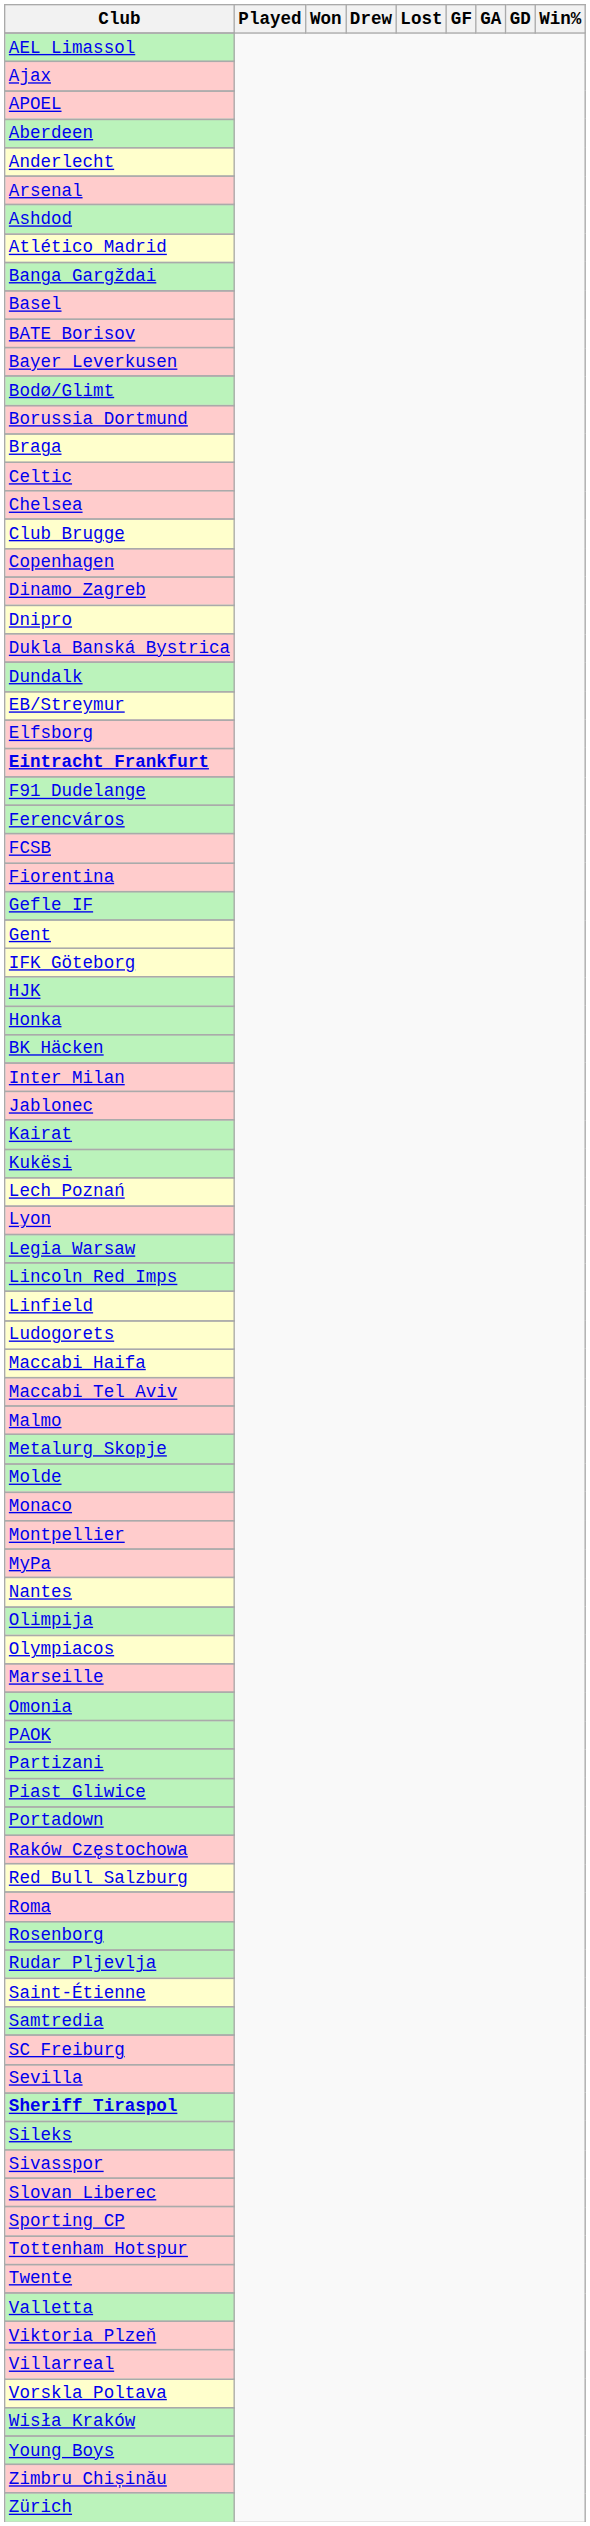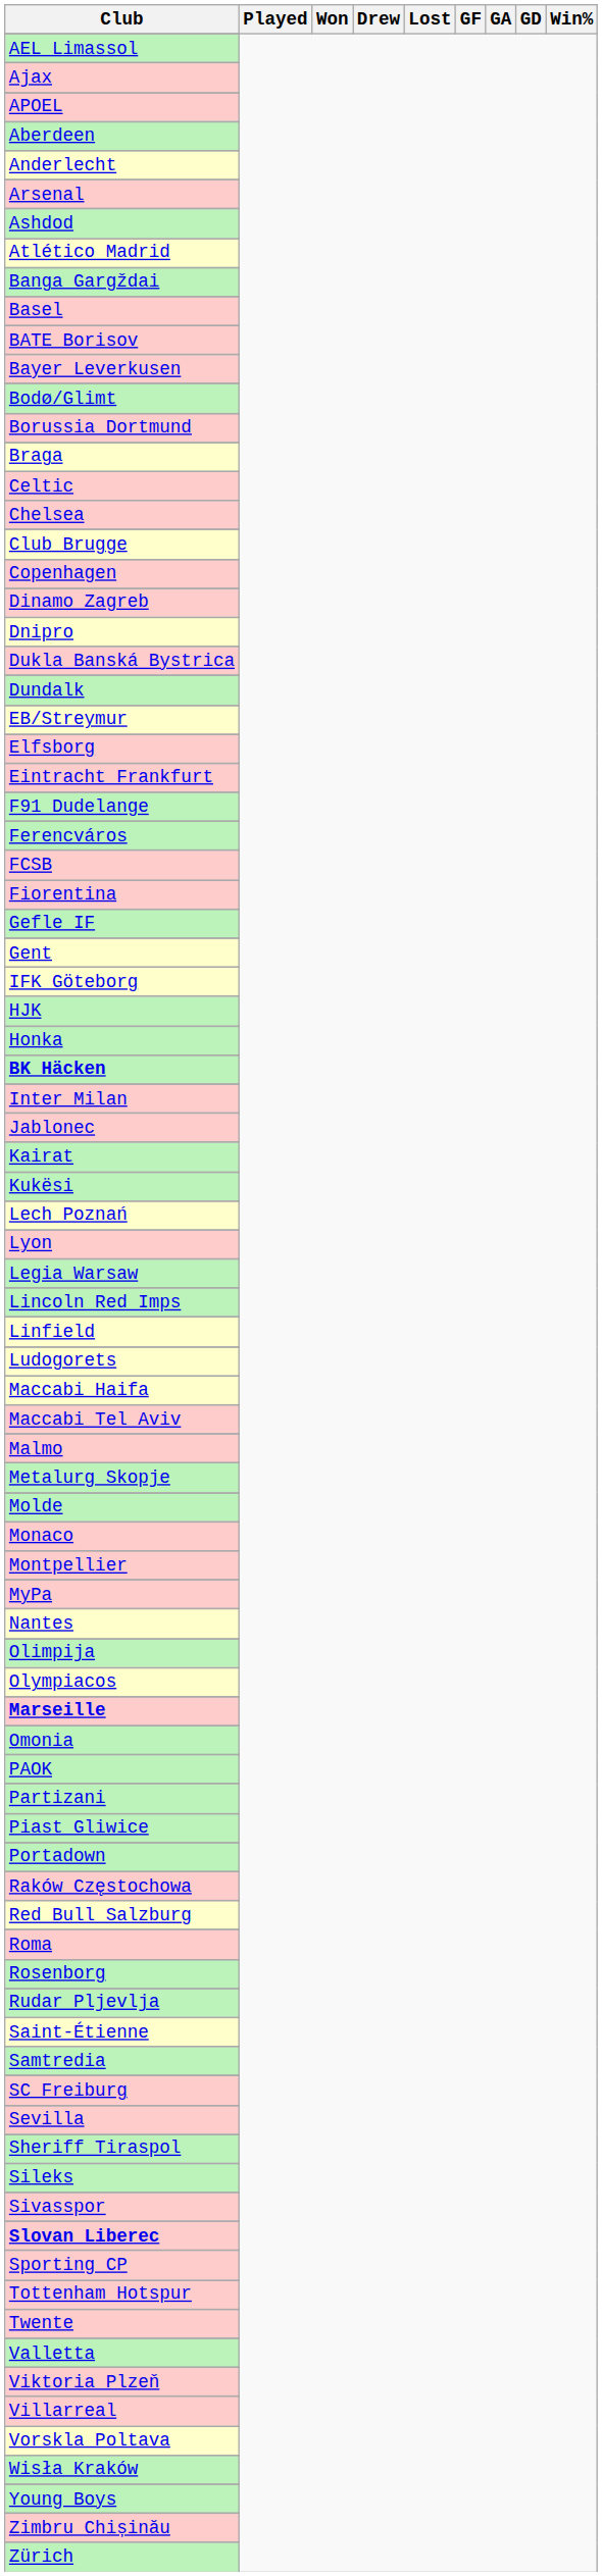 <table class="wikitable sortable" style="text-align: left;">
 <tr>
 <th>Club</th>
 <th>Played</th>
 <th>Won</th>
 <th>Drew</th>
 <th>Lost</th>
 <th>GF</th>
 <th>GA</th>
 <th>GD</th>
 <th>Win%</th>
 </tr>
 <tr>
 </tr>
 <tr bgcolor= "#bbf3bb">
 <td style=align=left> <a href='#'>AEL Limassol</a><br></td>
 </tr>
 <tr>
 </tr>
 <tr bgcolor= "#ffcccc">
 <td style=align=left> <a href='#'>Ajax</a><br></td>
 </tr>
 <tr>
 </tr>
 <tr bgcolor= "#ffcccc">
 <td style=align=left> <a href='#'>APOEL</a><br></td>
 </tr>
 <tr>
 </tr>
 <tr bgcolor= "#bbf3bb">
 <td style=align=left> <a href='#'>Aberdeen</a><br></td>
 </tr>
 <tr>
 </tr>
 <tr bgcolor= "#ffffcc">
 <td style=align=left> <a href='#'>Anderlecht</a><br></td>
 </tr>
 <tr>
 </tr>
 <tr bgcolor= "#ffcccc">
 <td style=align=left> <a href='#'>Arsenal</a><br></td>
 </tr>
 <tr>
 </tr>
 <tr bgcolor= "#bbf3bb">
 <td style=align=left> <a href='#'>Ashdod</a><br></td>
 </tr>
 <tr>
 </tr>
 <tr bgcolor= "#ffffcc">
 <td style=align=left> <a href='#'>Atlético Madrid</a><br></td>
 </tr>
 <tr>
 </tr>
 <tr bgcolor= "#bbf3bb">
 <td style=align=left> <a href='#'>Banga Gargždai</a><br></td>
 </tr>
 <tr>
 </tr>
 <tr bgcolor= "#ffcccc">
 <td style=align=left> <a href='#'>Basel</a><br></td>
 </tr>
 <tr>
 </tr>
 <tr bgcolor= "#ffcccc">
 <td style=align=left> <a href='#'>BATE Borisov</a><br></td>
 </tr>
 <tr>
 </tr>
 <tr bgcolor= "#ffcccc">
 <td style=align=left> <a href='#'>Bayer Leverkusen</a><br></td>
 </tr>
 <tr>
 </tr>
 <tr bgcolor= "#bbf3bb">
 <td style=align=left> <a href='#'>Bodø/Glimt</a><br></td>
 </tr>
 <tr>
 </tr>
 <tr bgcolor= "#ffcccc">
 <td style=align=left> <a href='#'>Borussia Dortmund</a><br></td>
 </tr>
 <tr>
 </tr>
 <tr bgcolor= "#ffffcc">
 <td style=align=left> <a href='#'>Braga</a><br></td>
 </tr>
 <tr>
 </tr>
 <tr bgcolor= "#ffcccc">
 <td style=align=left> <a href='#'>Celtic</a><br></td>
 </tr>
 <tr>
 </tr>
 <tr bgcolor= "#ffcccc">
 <td style=align=left> <a href='#'>Chelsea</a><br></td>
 </tr>
 <tr>
 </tr>
 <tr bgcolor= "#ffffcc">
 <td style=align=left> <a href='#'>Club Brugge</a><br></td>
 </tr>
 <tr>
 </tr>
 <tr bgcolor= "#ffcccc">
 <td style=align=left> <a href='#'>Copenhagen</a><br></td>
 </tr>
 <tr>
 </tr>
 <tr bgcolor= "#ffcccc">
 <td style=align=left> <a href='#'>Dinamo Zagreb</a><br></td>
 </tr>
 <tr>
 </tr>
 <tr bgcolor= "#ffffcc">
 <td style=align=left> <a href='#'>Dnipro</a><br></td>
 </tr>
 <tr>
 </tr>
 <tr bgcolor= "#ffcccc">
 <td style=align=left> <a href='#'>Dukla Banská Bystrica</a><br></td>
 </tr>
 <tr>
 </tr>
 <tr bgcolor= "#bbf3bb">
 <td style=align=left> <a href='#'>Dundalk</a><br></td>
 </tr>
 <tr>
 </tr>
 <tr bgcolor= "#ffffcc">
 <td style=align=left> <a href='#'>EB/Streymur</a><br></td>
 </tr>
 <tr>
 </tr>
 <tr bgcolor= "#ffcccc">
 <td style=align=left> <a href='#'>Elfsborg</a><br></td>
 </tr>
 <tr>
 </tr>
 <tr bgcolor= "#ffcccc">
-<td style=align=left><strong> <a href='#'>Eintracht Frankfurt</a><br></strong></td>
+<td style=align=left> <a href='#'>Eintracht Frankfurt</a><br></td>
 </tr>
 <tr>
 </tr>
 <tr bgcolor= "#bbf3bb">
 <td style=align=left> <a href='#'>F91 Dudelange</a><br></td>
 </tr>
 <tr>
 </tr>
 <tr bgcolor= "#bbf3bb">
 <td style=align=left> <a href='#'>Ferencváros</a><br></td>
 </tr>
 <tr>
 </tr>
 <tr bgcolor= "#ffcccc">
 <td style=align=left> <a href='#'>FCSB</a><br></td>
 </tr>
 <tr>
 </tr>
 <tr bgcolor= "#ffcccc">
 <td style=align=left> <a href='#'>Fiorentina</a><br></td>
 </tr>
 <tr>
 </tr>
 <tr bgcolor= "#bbf3bb">
 <td style=align=left> <a href='#'>Gefle IF</a><br></td>
 </tr>
 <tr>
 </tr>
 <tr bgcolor= "#ffffcc">
 <td style=align=left> <a href='#'>Gent</a><br></td>
 </tr>
 <tr>
 </tr>
 <tr bgcolor= "#ffffcc">
 <td style=align=left> <a href='#'>IFK Göteborg</a><br></td>
 </tr>
 <tr>
 </tr>
 <tr bgcolor= "#bbf3bb">
 <td style=align=left> <a href='#'>HJK</a><br></td>
 </tr>
 <tr>
 </tr>
 <tr bgcolor= "#bbf3bb">
 <td style=align=left> <a href='#'>Honka</a><br></td>
 </tr>
 <tr>
 </tr>
 <tr bgcolor= "#bbf3bb">
-<td style=align=left> <a href='#'>BK Häcken</a><br></td>
+<td style=align=left><strong> <a href='#'>BK Häcken</a><br></strong></td>
 </tr>
 <tr>
 </tr>
 <tr bgcolor= "#ffcccc">
 <td style=align=left> <a href='#'>Inter Milan</a><br></td>
 </tr>
 <tr>
 </tr>
 <tr bgcolor= "#ffcccc">
 <td style=align=left> <a href='#'>Jablonec</a><br></td>
 </tr>
 <tr>
 </tr>
 <tr bgcolor= "#bbf3bb">
 <td style=align=left> <a href='#'>Kairat</a><br></td>
 </tr>
 <tr>
 </tr>
 <tr bgcolor= "#bbf3bb">
 <td style=align=left> <a href='#'>Kukësi</a><br></td>
 </tr>
 <tr>
 </tr>
 <tr bgcolor= "#ffffcc">
 <td style=align=left> <a href='#'>Lech Poznań</a><br></td>
 </tr>
 <tr>
 </tr>
 <tr bgcolor= "#ffcccc">
 <td style=align=left> <a href='#'>Lyon</a><br></td>
 </tr>
 <tr>
 </tr>
 <tr bgcolor= "#bbf3bb">
 <td style=align=left> <a href='#'>Legia Warsaw</a><br></td>
 </tr>
 <tr>
 </tr>
 <tr bgcolor= "#bbf3bb">
 <td style=align=left> <a href='#'>Lincoln Red Imps</a><br></td>
 </tr>
 <tr>
 </tr>
 <tr bgcolor= "#ffffcc">
 <td style=align=left> <a href='#'>Linfield</a><br></td>
 </tr>
 <tr>
 </tr>
 <tr bgcolor= "#ffffcc">
 <td style=align=left> <a href='#'>Ludogorets</a><br></td>
 </tr>
 <tr>
 </tr>
 <tr bgcolor= "#ffffcc">
 <td style=align=left> <a href='#'>Maccabi Haifa</a><br></td>
 </tr>
 <tr>
 </tr>
 <tr bgcolor= "#ffcccc">
 <td style=align=left> <a href='#'>Maccabi Tel Aviv</a><br></td>
 </tr>
 <tr>
 </tr>
 <tr bgcolor= "#ffcccc">
 <td style=align=left> <a href='#'>Malmo</a><br></td>
 </tr>
 <tr>
 </tr>
 <tr bgcolor= "#bbf3bb">
 <td style=align=left> <a href='#'>Metalurg Skopje</a><br></td>
 </tr>
 <tr>
 </tr>
 <tr bgcolor= "#bbf3bb">
 <td style=align=left> <a href='#'>Molde</a><br></td>
 </tr>
 <tr>
 </tr>
 <tr bgcolor= "#ffcccc">
 <td style=align=left> <a href='#'>Monaco</a><br></td>
 </tr>
 <tr>
 </tr>
 <tr bgcolor= "#ffcccc">
 <td style=align=left> <a href='#'>Montpellier</a><br></td>
 </tr>
 <tr>
 </tr>
 <tr bgcolor= "#ffcccc">
 <td style=align=left> <a href='#'>MyPa</a><br></td>
 </tr>
 <tr>
 </tr>
 <tr bgcolor= "#ffffcc">
 <td style=align=left> <a href='#'>Nantes</a><br></td>
 </tr>
 <tr>
 </tr>
 <tr bgcolor= "#bbf3bb">
 <td style=align=left> <a href='#'>Olimpija</a><br></td>
 </tr>
 <tr>
 </tr>
 <tr bgcolor= "#ffffcc">
 <td style=align=left> <a href='#'>Olympiacos</a><br></td>
 </tr>
 <tr>
 </tr>
 <tr bgcolor= "#ffcccc">
-<td style=align=left> <a href='#'>Marseille</a><br></td>
+<td style=align=left><strong> <a href='#'>Marseille</a><br></strong></td>
 </tr>
 <tr>
 </tr>
 <tr bgcolor= "#bbf3bb">
 <td style=align=left> <a href='#'>Omonia</a><br></td>
 </tr>
 <tr>
 </tr>
 <tr bgcolor= "#bbf3bb">
 <td style=align=left> <a href='#'>PAOK</a><br></td>
 </tr>
 <tr>
 </tr>
 <tr bgcolor= "#bbf3bb">
 <td style=align=left> <a href='#'>Partizani</a><br></td>
 </tr>
 <tr>
 </tr>
 <tr bgcolor= "#bbf3bb">
 <td style=align=left> <a href='#'>Piast Gliwice</a><br></td>
 </tr>
 <tr>
 </tr>
 <tr bgcolor= "#bbf3bb">
 <td style=align=left> <a href='#'>Portadown</a><br></td>
 </tr>
 <tr>
 </tr>
 <tr bgcolor= "#ffcccc">
 <td style=align=left> <a href='#'>Raków Częstochowa</a><br></td>
 </tr>
 <tr>
 </tr>
 <tr bgcolor= "#ffffcc">
 <td style=align=left> <a href='#'>Red Bull Salzburg</a><br></td>
 </tr>
 <tr>
 </tr>
 <tr bgcolor= "#ffcccc">
 <td style=align=left> <a href='#'>Roma</a><br></td>
 </tr>
 <tr>
 </tr>
 <tr bgcolor= "#bbf3bb">
 <td style=align=left> <a href='#'>Rosenborg</a><br></td>
 </tr>
 <tr>
 </tr>
 <tr bgcolor= "#bbf3bb">
 <td style=align=left> <a href='#'>Rudar Pljevlja</a><br></td>
 </tr>
 <tr>
 </tr>
 <tr bgcolor= "#ffffcc">
 <td style=align=left> <a href='#'>Saint-Étienne</a><br></td>
 </tr>
 <tr>
 </tr>
 <tr bgcolor= "#bbf3bb">
 <td style=align=left> <a href='#'>Samtredia</a><br></td>
 </tr>
 <tr>
 </tr>
 <tr bgcolor= "#ffcccc">
 <td style=align=left> <a href='#'>SC Freiburg</a><br></td>
 </tr>
 <tr>
 </tr>
 <tr bgcolor= "#ffcccc">
 <td style=align=left> <a href='#'>Sevilla</a><br></td>
 </tr>
 <tr>
 </tr>
 <tr bgcolor= "#bbf3bb">
-<td style=align=left><strong> <a href='#'>Sheriff Tiraspol</a><br></strong></td>
+<td style=align=left> <a href='#'>Sheriff Tiraspol</a><br></td>
 </tr>
 <tr>
 </tr>
 <tr bgcolor= "#bbf3bb">
 <td style=align=left> <a href='#'>Sileks</a><br></td>
 </tr>
 <tr>
 </tr>
 <tr bgcolor= "#ffcccc">
 <td style=align=left> <a href='#'>Sivasspor</a><br></td>
 </tr>
 <tr>
 </tr>
 <tr bgcolor= "#ffcccc">
-<td style=align=left> <a href='#'>Slovan Liberec</a><br></td>
+<td style=align=left><strong> <a href='#'>Slovan Liberec</a><br></strong></td>
 </tr>
 <tr>
 </tr>
 <tr bgcolor= "#ffcccc">
 <td style=align=left> <a href='#'>Sporting CP</a><br></td>
 </tr>
 <tr>
 </tr>
 <tr bgcolor= "#ffcccc">
 <td style=align=left> <a href='#'>Tottenham Hotspur</a><br></td>
 </tr>
 <tr>
 </tr>
 <tr bgcolor= "#ffcccc">
 <td style=align=left> <a href='#'>Twente</a><br></td>
 </tr>
 <tr>
 </tr>
 <tr bgcolor= "#bbf3bb">
 <td style=align=left> <a href='#'>Valletta</a><br></td>
 </tr>
 <tr>
 </tr>
 <tr bgcolor= "#ffcccc">
 <td style=align=left> <a href='#'>Viktoria Plzeň</a><br></td>
 </tr>
 <tr>
 </tr>
 <tr bgcolor= "#ffcccc">
 <td style=align=left> <a href='#'>Villarreal</a><br></td>
 </tr>
 <tr>
 </tr>
 <tr bgcolor= "#ffffcc">
 <td style=align=left> <a href='#'>Vorskla Poltava</a><br></td>
 </tr>
 <tr>
 </tr>
 <tr bgcolor= "#bbf3bb">
 <td style=align=left> <a href='#'>Wisła Kraków</a><br></td>
 </tr>
 <tr>
 </tr>
 <tr bgcolor= "#bbf3bb">
 <td style=align=left> <a href='#'>Young Boys</a><br></td>
 </tr>
 <tr>
 </tr>
 <tr bgcolor= "#ffcccc">
 <td style=align=left> <a href='#'>Zimbru Chișinău</a><br></td>
 </tr>
 <tr>
 </tr>
 <tr bgcolor= "#bbf3bb">
 <td style=align=left> <a href='#'>Zürich</a><br></td>
 </tr>
 </table>
